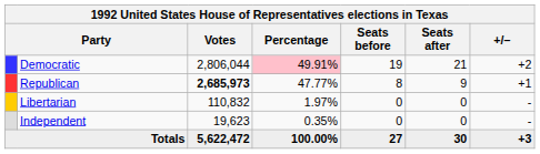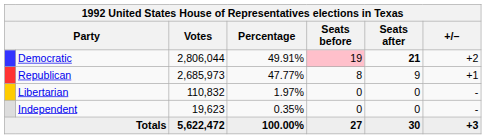 <table class="wikitable" style="font-size: 95%;">
 <tr>
 <th colspan="7">1992 United States House of Representatives elections in Texas</th>
 </tr>
 <tr>
 <th colspan=2 style="width: 15em">Party</th>
 <th style="width: 5em">Votes</th>
 <th style="width: 7em">Percentage</th>
 <th style="width: 5em">Seats before</th>
 <th style="width: 5em">Seats after</th>
 <th style="width: 5em">+/–</th>
 </tr>
 <tr>
 <th style="background-color:#3333FF; width: 3px"></th>
 <td style="width: 130px"><a href='#'>Democratic</a></td>
 <td align="right">2,806,044</td>
-<td align="right" style="background: pink;">49.91%</td>
-<td align="right">19</td>
-<td align="right">21</td>
+<td align="right">49.91%</td>
+<td align="right" style="background: pink;">19</td>
+<td align="right"><strong>21</strong></td>
 <td align="right">+2</td>
 </tr>
 <tr>
 <th style="background-color:#FF3333; width: 3px"></th>
 <td style="width: 130px"><a href='#'>Republican</a></td>
-<td align="right"><strong>2,685,973</strong></td>
+<td align="right">2,685,973</td>
 <td align="right">47.77%</td>
 <td align="right">8</td>
 <td align="right">9</td>
 <td align="right">+1</td>
 </tr>
 <tr>
 <th style="background-color:#FFCC00; width: 3px"></th>
 <td style="width: 130px"><a href='#'>Libertarian</a></td>
 <td align="right">110,832</td>
 <td align="right">1.97%</td>
 <td align="right">0</td>
 <td align="right">0</td>
 <td align="right">-</td>
 </tr>
 <tr>
 <th style="background-color:#DDDDDD; width: 3px"></th>
 <td style="width: 130px"><a href='#'>Independent</a></td>
 <td align="right">19,623</td>
 <td align="right">0.35%</td>
 <td align="right">0</td>
 <td align="right">0</td>
 <td align="right">-</td>
 </tr>
 <tr bgcolor="#EEEEEE">
 <td colspan="2" align="right"><strong>Totals</strong></td>
 <td align="right"><strong>5,622,472</strong></td>
 <td align="right"><strong>100.00%</strong></td>
 <td align="right"><strong>27</strong></td>
 <td align="right"><strong>30</strong></td>
 <td align="right"><strong>+3</strong></td>
 </tr>
 </table>
